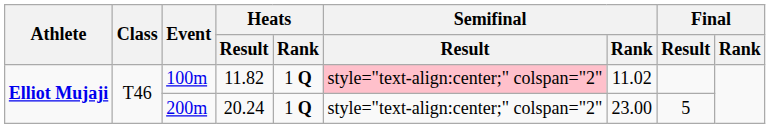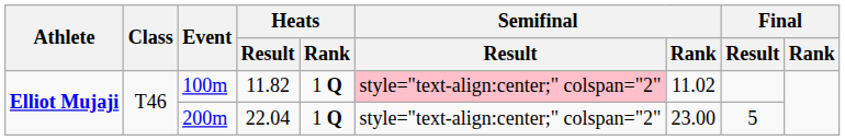 <table class=wikitable style="font-size:90%">
 <tr>
 <th rowspan="2">Athlete</th>
 <th rowspan="2">Class</th>
 <th rowspan="2">Event</th>
 <th colspan="2">Heats</th>
 <th colspan="2">Semifinal</th>
 <th colspan="2">Final</th>
 </tr>
 <tr>
 <th>Result</th>
 <th>Rank</th>
 <th>Result</th>
 <th>Rank</th>
 <th>Result</th>
 <th>Rank</th>
 </tr>
 <tr>
 <td rowspan="2"><strong><a href='#'>Elliot Mujaji</a></strong></td>
 <td rowspan="2" style="text-align:center;">T46</td>
 <td><a href='#'>100m</a></td>
 <td style="text-align:center;">11.82</td>
 <td style="text-align:center;">1 <strong>Q</strong></td>
 <td style="background: pink;">style="text-align:center;" colspan="2" </td>
 <td style="text-align:center;">11.02</td>
 <td style="text-align:center;"></td>
 </tr>
 <tr>
 <td><a href='#'>200m</a></td>
-<td style="text-align:center;">20.24</td>
+<td style="text-align:center;">22.04</td>
 <td style="text-align:center;">1 <strong>Q</strong></td>
 <td>style="text-align:center;" colspan="2" </td>
 <td style="text-align:center;">23.00</td>
 <td style="text-align:center;">5</td>
 </tr>
 </table>
